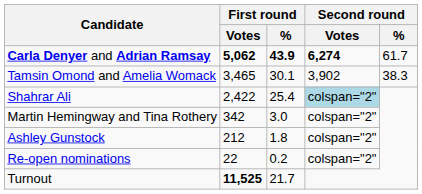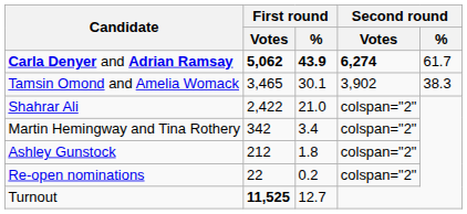 <table class="wikitable" text-align:right"|>
 <tr>
 <th rowspan=2>Candidate</th>
 <th colspan="2">First round</th>
 <th colspan="2">Second round</th>
 </tr>
 <tr>
 <th style="width: 50px">Votes</th>
 <th style="width: 40px">%</th>
 <th style="width: 50px">Votes</th>
 <th style="width: 40px">%</th>
 </tr>
 <tr>
 <td><strong><a href='#'>Carla Denyer</a></strong> and <strong><a href='#'>Adrian Ramsay</a></strong></td>
 <td><strong>5,062</strong></td>
 <td><strong>43.9</strong></td>
 <td><strong>6,274</strong></td>
 <td>61.7</td>
 </tr>
 <tr>
 <td><a href='#'>Tamsin Omond</a> and <a href='#'>Amelia Womack</a></td>
 <td>3,465</td>
 <td>30.1</td>
 <td>3,902</td>
 <td>38.3</td>
 </tr>
 <tr>
 <td><a href='#'>Shahrar Ali</a></td>
 <td>2,422</td>
-<td>25.4</td>
-<td style="background: lightblue;">colspan="2" </td>
+<td>21.0</td>
+<td>colspan="2" </td>
 </tr>
 <tr>
 <td>Martin Hemingway and Tina Rothery</td>
 <td>342</td>
-<td>3.0</td>
+<td>3.4</td>
 <td>colspan="2" </td>
 </tr>
 <tr>
 <td><a href='#'>Ashley Gunstock</a></td>
 <td>212</td>
 <td>1.8</td>
 <td>colspan="2" </td>
 </tr>
 <tr>
 <td><a href='#'>Re-open nominations</a></td>
 <td>22</td>
 <td>0.2</td>
 <td>colspan="2" </td>
 </tr>
 <tr>
 <td>Turnout</td>
 <td><strong>11,525</strong></td>
-<td>21.7</td>
+<td>12.7</td>
 </tr>
 </table>
